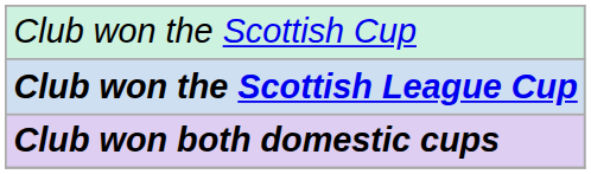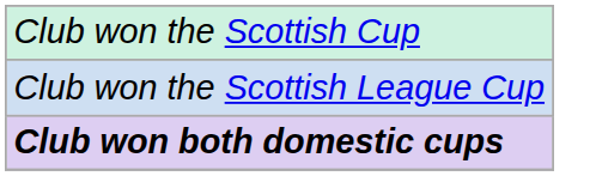 <table class="wikitable" style="text-align: left;">
 <tr>
 <td bgcolor="#CEF2E0"><em>Club won the <a href='#'>Scottish Cup</a></em></td>
 </tr>
 <tr>
-<td bgcolor="#CEDFF2"><strong><em>Club won the <a href='#'>Scottish League Cup</a></em></strong></td>
+<td bgcolor="#CEDFF2"><em>Club won the <a href='#'>Scottish League Cup</a></em></td>
 </tr>
 <tr>
 <td bgcolor="DDCEF2"><strong><em>Club won both domestic cups</em></strong></td>
 </tr>
 <tr>
 </tr>
 </table>
